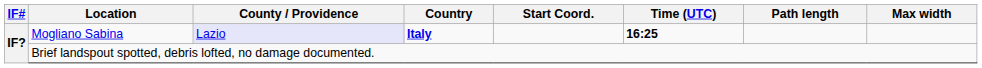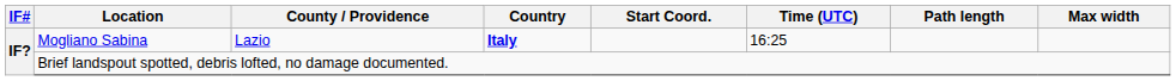 <table class="wikitable sortable" style="width:100%;">
 <tr>
 <th scope="col" width="2%" align="center"><a href='#'>IF#</a></th>
 <th scope="col" align="center" class="unsortable">Location</th>
 <th scope="col" align="center" class="unsortable">County / Providence</th>
 <th scope="col" align="center">Country</th>
 <th scope="col" align="center">Start Coord.</th>
 <th scope="col" align="center">Time (<a href='#'>UTC</a>)</th>
 <th scope="col" align="center">Path length</th>
 <th scope="col" align="center">Max width</th>
 </tr>
 <tr>
 <th scope="row" rowspan="2" style="background-color:#">IF?</th>
 <td><a href='#'>Mogliano Sabina</a></td>
-<td style="background: lavender;"><a href='#'>Lazio</a></td>
+<td><a href='#'>Lazio</a></td>
 <td><strong><a href='#'>Italy</a></strong></td>
 <td></td>
-<td><strong>16:25</strong></td>
+<td>16:25</td>
 <td></td>
 <td></td>
 </tr>
 <tr class="expand-child">
 <td colspan="8" style=" border-bottom: 1px solid black;">Brief landspout spotted, debris lofted, no damage documented.</td>
 </tr>
 </table>
